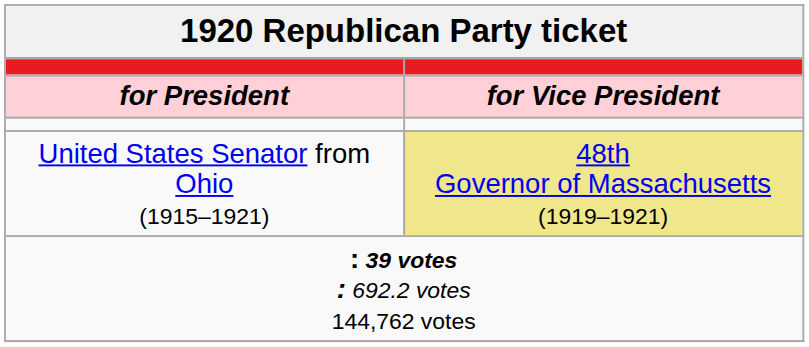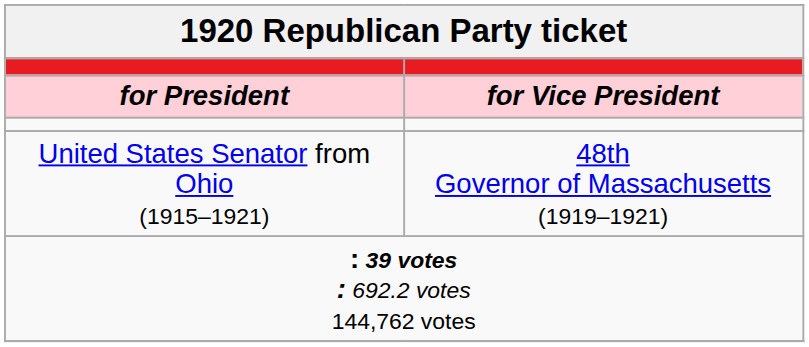 <table class="wikitable" style="font-size:90%; text-align:center;">
 <tr>
 <td style="background:#f1f1f1;" colspan="30"><big><strong>1920 Republican Party ticket</strong></big></td>
 </tr>
 <tr>
 <th style="width:3em; font-size:135%; background:#E81B23; width:200px;"><a href='#'></a></th>
 <th style="width:3em; font-size:135%; background:#E81B23; width:200px;"><a href='#'></a></th>
 </tr>
 <tr style="color:#000; font-size:100%; background:#FFD0D7;">
 <td style="width:3em; width:200px;"><strong><em>for President</em></strong></td>
 <td style="width:3em; width:200px;"><strong><em>for Vice President</em></strong></td>
 </tr>
 <tr>
 <td></td>
 <td></td>
 </tr>
 <tr>
 <td><a href='#'>United States Senator</a> from <a href='#'>Ohio</a><br><small>(1915–1921)</small></td>
-<td style="background: khaki;"><a href='#'>48th</a><br><a href='#'>Governor of Massachusetts</a><br><small>(1919–1921)</small></td>
+<td><a href='#'>48th</a><br><a href='#'>Governor of Massachusetts</a><br><small>(1919–1921)</small></td>
 </tr>
 <tr>
 <td colspan=2><strong>:<strong><em><small> 39 votes</small><em><br></strong>:</em></strong><small> 692.2 votes</small></em><br><small>144,762 votes</small></td>
 </tr>
 <tr>
 </tr>
 </table>
